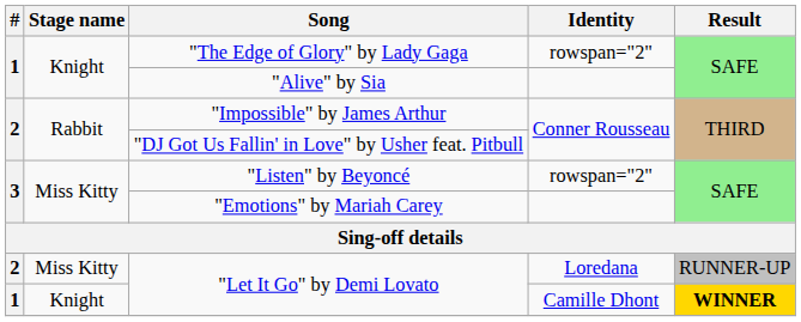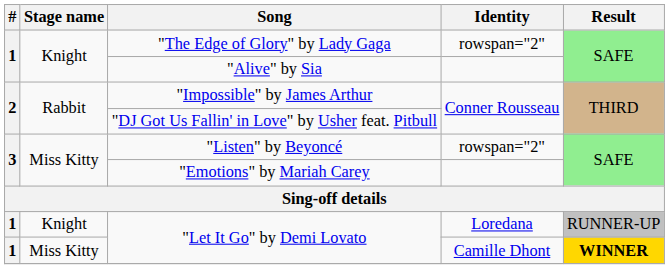 <table class="wikitable plainrowheaders" style="text-align: center;">
 <tr>
 <th>#</th>
 <th>Stage name</th>
 <th>Song</th>
 <th>Identity</th>
 <th>Result</th>
 </tr>
 <tr>
 <th rowspan="2">1</th>
 <td rowspan="2">Knight</td>
 <td>"<a href='#'>The Edge of Glory</a>" by <a href='#'>Lady Gaga</a></td>
 <td>rowspan="2" </td>
 <td rowspan="2" bgcolor="lightgreen">SAFE</td>
 </tr>
 <tr>
 <td>"<a href='#'>Alive</a>" by <a href='#'>Sia</a></td>
 </tr>
 <tr>
 <th rowspan="2">2</th>
 <td rowspan="2">Rabbit</td>
 <td>"<a href='#'>Impossible</a>" by <a href='#'>James Arthur</a></td>
 <td rowspan="2"><a href='#'>Conner Rousseau</a></td>
 <td rowspan="2" bgcolor=tan>THIRD</td>
 </tr>
 <tr>
 <td>"<a href='#'>DJ Got Us Fallin' in Love</a>" by <a href='#'>Usher</a> feat. <a href='#'>Pitbull</a></td>
 </tr>
 <tr>
 <th rowspan="2">3</th>
 <td rowspan="2">Miss Kitty</td>
 <td>"<a href='#'>Listen</a>" by <a href='#'>Beyoncé</a></td>
 <td>rowspan="2" </td>
 <td rowspan="2" bgcolor="lightgreen">SAFE</td>
 </tr>
 <tr>
 <td>"<a href='#'>Emotions</a>" by <a href='#'>Mariah Carey</a></td>
 </tr>
 <tr>
 <th colspan="5">Sing-off details</th>
 </tr>
 <tr>
-<th>2</th>
-<td>Miss Kitty</td>
+<th>1</th>
+<td>Knight</td>
 <td rowspan="2">"<a href='#'>Let It Go</a>" by <a href='#'>Demi Lovato</a></td>
 <td><a href='#'>Loredana</a></td>
 <td bgcolor=silver>RUNNER-UP</td>
 </tr>
 <tr>
 <th>1</th>
-<td>Knight</td>
+<td>Miss Kitty</td>
 <td><a href='#'>Camille Dhont</a></td>
 <td bgcolor=gold><strong>WINNER</strong></td>
 </tr>
 <tr>
 </tr>
 </table>
